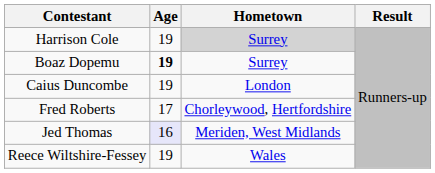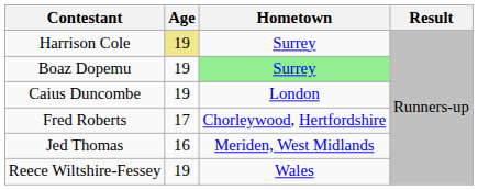 <table class="wikitable sortable" style="width70%; text-align:center;">
 <tr>
 <th>Contestant</th>
 <th>Age</th>
 <th>Hometown</th>
 <th>Result</th>
 </tr>
 <tr>
 <td>Harrison Cole</td>
-<td>19</td>
-<td style="background: lightgrey;"><a href='#'>Surrey</a></td>
+<td style="background: khaki;">19</td>
+<td><a href='#'>Surrey</a></td>
 <td bgcolor=silver rowspan="6">Runners-up</td>
 </tr>
 <tr>
 <td>Boaz Dopemu</td>
-<td><strong>19</strong></td>
-<td><a href='#'>Surrey</a></td>
+<td>19</td>
+<td style="background: lightgreen;"><a href='#'>Surrey</a></td>
 </tr>
 <tr>
 <td>Caius Duncombe</td>
 <td>19</td>
 <td><a href='#'>London</a></td>
 </tr>
 <tr>
 <td>Fred Roberts</td>
 <td>17</td>
 <td><a href='#'>Chorleywood</a>, <a href='#'>Hertfordshire</a></td>
 </tr>
 <tr>
 <td>Jed Thomas</td>
-<td style="background: lavender;">16</td>
+<td>16</td>
 <td><a href='#'>Meriden, West Midlands</a></td>
 </tr>
 <tr>
 <td>Reece Wiltshire-Fessey</td>
 <td>19</td>
 <td><a href='#'>Wales</a></td>
 </tr>
 </table>
